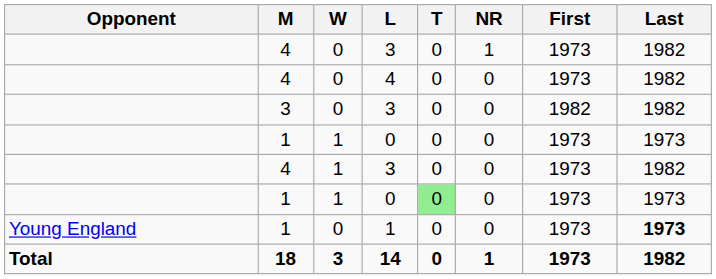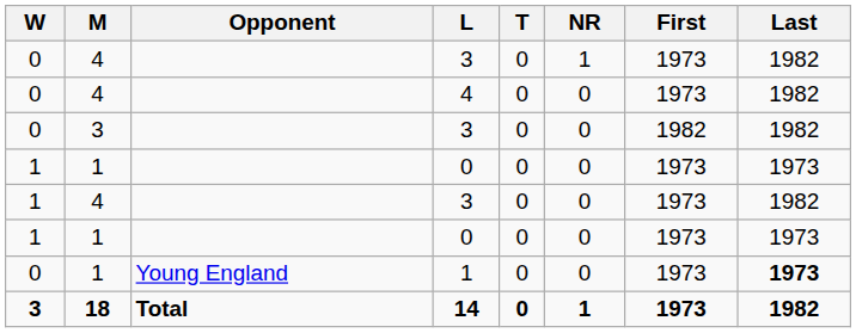 <table class="wikitable" style="text-align: center; width: 600px;">
 <tr>
+<th>W</th>
+<th>M</th>
 <th>Opponent</th>
-<th>M</th>
-<th>W</th>
 <th>L</th>
 <th>T</th>
 <th>NR</th>
 <th>First</th>
 <th>Last</th>
 </tr>
 <tr>
+<td>0</td>
+<td>4</td>
 <td align=left></td>
-<td>4</td>
-<td>0</td>
 <td>3</td>
 <td>0</td>
 <td>1</td>
 <td>1973</td>
 <td>1982</td>
 </tr>
 <tr>
+<td>0</td>
+<td>4</td>
 <td align=left></td>
-<td>4</td>
-<td>0</td>
 <td>4</td>
 <td>0</td>
 <td>0</td>
 <td>1973</td>
 <td>1982</td>
 </tr>
 <tr>
+<td>0</td>
+<td>3</td>
 <td align=left></td>
-<td>3</td>
-<td>0</td>
 <td>3</td>
 <td>0</td>
 <td>0</td>
 <td>1982</td>
 <td>1982</td>
 </tr>
 <tr>
-<td align=left></td>
 <td>1</td>
 <td>1</td>
+<td align=left></td>
 <td>0</td>
 <td>0</td>
 <td>0</td>
 <td>1973</td>
 <td>1973</td>
 </tr>
 <tr>
+<td>1</td>
+<td>4</td>
 <td align=left></td>
-<td>4</td>
-<td>1</td>
 <td>3</td>
 <td>0</td>
 <td>0</td>
 <td>1973</td>
 <td>1982</td>
 </tr>
 <tr>
-<td align=left></td>
 <td>1</td>
 <td>1</td>
+<td align=left></td>
 <td>0</td>
-<td style="background: lightgreen;">0</td>
+<td>0</td>
 <td>0</td>
 <td>1973</td>
 <td>1973</td>
 </tr>
 <tr>
+<td>0</td>
+<td>1</td>
 <td align=left> <a href='#'>Young England</a></td>
-<td>1</td>
-<td>0</td>
 <td>1</td>
 <td>0</td>
 <td>0</td>
 <td>1973</td>
 <td><strong>1973</strong></td>
 </tr>
 <tr>
+<td><strong>3</strong></td>
+<td><strong>18</strong></td>
 <td align=left><strong>Total</strong></td>
-<td><strong>18</strong></td>
-<td><strong>3</strong></td>
 <td><strong>14</strong></td>
 <td><strong>0</strong></td>
 <td><strong>1</strong></td>
 <td><strong>1973</strong></td>
 <td><strong>1982</strong></td>
 </tr>
 </table>
